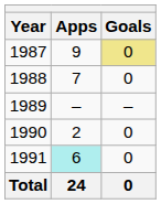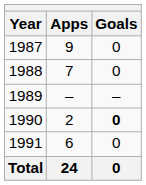 <table class="wikitable" style="text-align:center">
 <tr>
 <th colspan=3></th>
 </tr>
 <tr>
 <th>Year</th>
 <th>Apps</th>
 <th>Goals</th>
 </tr>
 <tr>
 <td>1987</td>
 <td>9</td>
-<td style="background: khaki;">0</td>
+<td>0</td>
 </tr>
 <tr>
 <td>1988</td>
 <td>7</td>
 <td>0</td>
 </tr>
 <tr>
 <td>1989</td>
 <td>–</td>
 <td>–</td>
 </tr>
 <tr>
 <td>1990</td>
 <td>2</td>
-<td>0</td>
+<td><strong>0</strong></td>
 </tr>
 <tr>
 <td>1991</td>
-<td style="background: paleturquoise;">6</td>
+<td>6</td>
 <td>0</td>
 </tr>
 <tr>
 <th>Total</th>
 <th>24</th>
 <th>0</th>
 </tr>
 </table>
